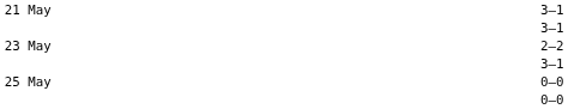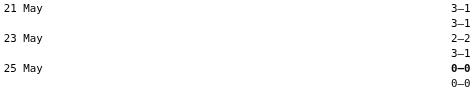 <table cellspacing=1 width=70%>
 <tr>
 <th width=25%></th>
 <th width=30%></th>
 <th width=15%></th>
 <th width=30%></th>
 </tr>
 <tr>
 <td>21 May</td>
 <td align=right></td>
 <td align=center>3–1</td>
 <td></td>
 </tr>
 <tr>
 <td></td>
 <td align=right></td>
 <td align=center>3–1</td>
 <td></td>
 </tr>
 <tr>
 <td>23 May</td>
 <td align=right></td>
 <td align=center>2–2</td>
 <td></td>
 </tr>
 <tr>
 <td></td>
 <td align=right></td>
 <td align=center>3–1</td>
 <td></td>
 </tr>
 <tr>
 <td>25 May</td>
 <td align=right></td>
-<td align=center>0–0</td>
+<td align=center><strong>0–0</strong></td>
 <td></td>
 </tr>
 <tr>
 <td></td>
 <td align=right></td>
 <td align=center>0–0</td>
 <td></td>
 </tr>
 </table>
